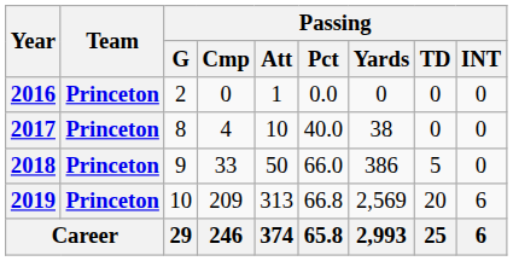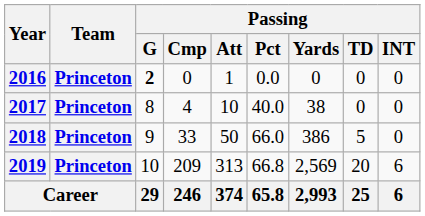 <table class="wikitable" style="text-align:center;">
 <tr>
 <th rowspan="2">Year</th>
 <th rowspan="2">Team</th>
 <th colspan="7">Passing</th>
 </tr>
 <tr>
 <th>G</th>
 <th>Cmp</th>
 <th>Att</th>
 <th>Pct</th>
 <th>Yards</th>
 <th>TD</th>
 <th>INT</th>
 </tr>
 <tr>
 <th><a href='#'>2016</a></th>
 <th><a href='#'>Princeton</a></th>
-<td>2</td>
+<td><strong>2</strong></td>
 <td>0</td>
 <td>1</td>
 <td>0.0</td>
 <td>0</td>
 <td>0</td>
 <td>0</td>
 </tr>
 <tr>
 <th><a href='#'>2017</a></th>
 <th><a href='#'>Princeton</a></th>
 <td>8</td>
 <td>4</td>
 <td>10</td>
 <td>40.0</td>
 <td>38</td>
 <td>0</td>
 <td>0</td>
 </tr>
 <tr>
 <th><a href='#'>2018</a></th>
 <th><a href='#'>Princeton</a></th>
 <td>9</td>
 <td>33</td>
 <td>50</td>
 <td>66.0</td>
 <td>386</td>
 <td>5</td>
 <td>0</td>
 </tr>
 <tr>
 <th><a href='#'>2019</a></th>
 <th><a href='#'>Princeton</a></th>
 <td>10</td>
 <td>209</td>
 <td>313</td>
 <td>66.8</td>
 <td>2,569</td>
 <td>20</td>
 <td>6</td>
 </tr>
 <tr>
 <th colspan="2">Career</th>
 <th>29</th>
 <th>246</th>
 <th>374</th>
 <th>65.8</th>
 <th>2,993</th>
 <th>25</th>
 <th>6</th>
 </tr>
 </table>
